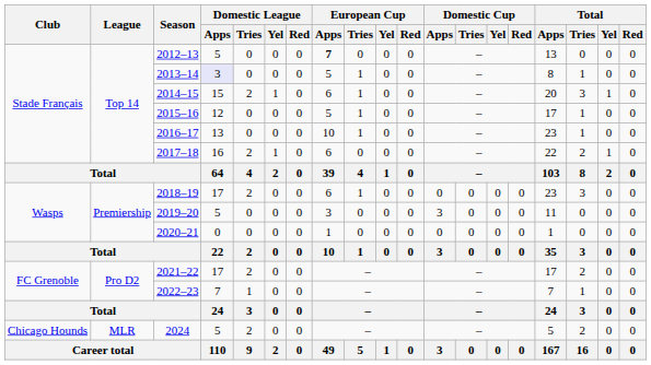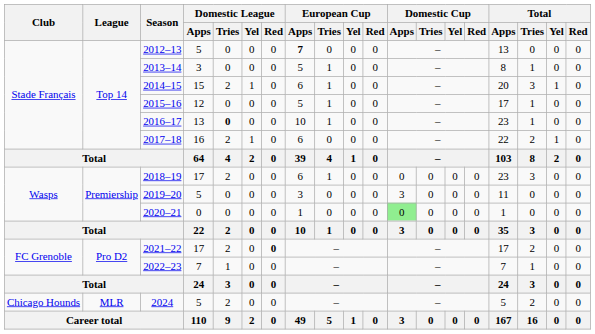 <table class="wikitable" style="font-size:95%; text-align:center">
 <tr>
 <th rowspan="2">Club</th>
 <th rowspan="2">League</th>
 <th rowspan="2">Season</th>
 <th colspan="4">Domestic League</th>
 <th colspan="4">European Cup</th>
 <th colspan="4">Domestic Cup</th>
 <th colspan="4">Total</th>
 </tr>
 <tr>
 <th>Apps</th>
 <th>Tries</th>
 <th>Yel</th>
 <th>Red</th>
 <th>Apps</th>
 <th>Tries</th>
 <th>Yel</th>
 <th>Red</th>
 <th>Apps</th>
 <th>Tries</th>
 <th>Yel</th>
 <th>Red</th>
 <th>Apps</th>
 <th>Tries</th>
 <th>Yel</th>
 <th>Red</th>
 </tr>
 <tr>
 <td rowspan="6"><a href='#'>Stade Français</a></td>
 <td rowspan="6"><a href='#'>Top 14</a></td>
 <td><a href='#'>2012–13</a></td>
 <td>5</td>
 <td>0</td>
 <td>0</td>
 <td>0</td>
 <td><strong>7</strong></td>
 <td>0</td>
 <td>0</td>
 <td>0</td>
 <td colspan="4">–</td>
 <td>13</td>
 <td>0</td>
 <td>0</td>
 <td>0</td>
 </tr>
 <tr>
 <td><a href='#'>2013–14</a></td>
-<td style="background: lavender;">3</td>
+<td>3</td>
 <td>0</td>
 <td>0</td>
 <td>0</td>
 <td>5</td>
 <td>1</td>
 <td>0</td>
 <td>0</td>
 <td colspan="4">–</td>
 <td>8</td>
 <td>1</td>
 <td>0</td>
 <td>0</td>
 </tr>
 <tr>
 <td><a href='#'>2014–15</a></td>
 <td>15</td>
 <td>2</td>
 <td>1</td>
 <td>0</td>
 <td>6</td>
 <td>1</td>
 <td>0</td>
 <td>0</td>
 <td colspan="4">–</td>
 <td>20</td>
 <td>3</td>
 <td>1</td>
 <td>0</td>
 </tr>
 <tr>
 <td><a href='#'>2015–16</a></td>
 <td>12</td>
 <td>0</td>
 <td>0</td>
 <td>0</td>
 <td>5</td>
 <td>1</td>
 <td>0</td>
 <td>0</td>
 <td colspan="4">–</td>
 <td>17</td>
 <td>1</td>
 <td>0</td>
 <td>0</td>
 </tr>
 <tr>
 <td><a href='#'>2016–17</a></td>
 <td>13</td>
-<td>0</td>
+<td><strong>0</strong></td>
 <td>0</td>
 <td>0</td>
 <td>10</td>
 <td>1</td>
 <td>0</td>
 <td>0</td>
 <td colspan="4">–</td>
 <td>23</td>
 <td>1</td>
 <td>0</td>
 <td>0</td>
 </tr>
 <tr>
 <td><a href='#'>2017–18</a></td>
 <td>16</td>
 <td>2</td>
 <td>1</td>
 <td>0</td>
 <td>6</td>
 <td>0</td>
 <td>0</td>
 <td>0</td>
 <td colspan="4">–</td>
 <td>22</td>
 <td>2</td>
 <td>1</td>
 <td>0</td>
 </tr>
 <tr>
 <th colspan="3">Total</th>
 <th>64</th>
 <th>4</th>
 <th>2</th>
 <th>0</th>
 <th>39</th>
 <th>4</th>
 <th>1</th>
 <th>0</th>
 <th colspan="4">–</th>
 <th>103</th>
 <th>8</th>
 <th>2</th>
 <th>0</th>
 </tr>
 <tr>
 <td rowspan="3"><a href='#'>Wasps</a></td>
 <td rowspan="3"><a href='#'>Premiership</a></td>
 <td><a href='#'>2018–19</a></td>
 <td>17</td>
 <td>2</td>
 <td>0</td>
 <td>0</td>
 <td>6</td>
 <td>1</td>
 <td>0</td>
 <td>0</td>
 <td>0</td>
 <td>0</td>
 <td>0</td>
 <td>0</td>
 <td>23</td>
 <td>3</td>
 <td>0</td>
 <td>0</td>
 </tr>
 <tr>
 <td><a href='#'>2019–20</a></td>
 <td>5</td>
 <td>0</td>
 <td>0</td>
 <td>0</td>
 <td>3</td>
 <td>0</td>
 <td>0</td>
 <td>0</td>
 <td>3</td>
 <td>0</td>
 <td>0</td>
 <td>0</td>
 <td>11</td>
 <td>0</td>
 <td>0</td>
 <td>0</td>
 </tr>
 <tr>
 <td><a href='#'>2020–21</a></td>
 <td>0</td>
 <td>0</td>
 <td>0</td>
 <td>0</td>
 <td>1</td>
 <td>0</td>
 <td>0</td>
 <td>0</td>
-<td>0</td>
+<td style="background: lightgreen;">0</td>
 <td>0</td>
 <td>0</td>
 <td>0</td>
 <td>1</td>
 <td>0</td>
 <td>0</td>
 <td>0</td>
 </tr>
 <tr>
 <th colspan="3">Total</th>
 <th>22</th>
 <th>2</th>
 <th>0</th>
 <th>0</th>
 <th>10</th>
 <th>1</th>
 <th>0</th>
 <th>0</th>
 <th>3</th>
 <th>0</th>
 <th>0</th>
 <th>0</th>
 <th>35</th>
 <th>3</th>
 <th>0</th>
 <th>0</th>
 </tr>
 <tr>
 <td rowspan="2"><a href='#'>FC Grenoble</a></td>
 <td rowspan="2"><a href='#'>Pro D2</a></td>
 <td><a href='#'>2021–22</a></td>
 <td>17</td>
 <td>2</td>
 <td>0</td>
-<td>0</td>
+<td><strong>0</strong></td>
 <td colspan="4">–</td>
 <td colspan="4">–</td>
 <td>17</td>
 <td>2</td>
 <td>0</td>
 <td>0</td>
 </tr>
 <tr>
 <td><a href='#'>2022–23</a></td>
 <td>7</td>
 <td>1</td>
 <td>0</td>
 <td>0</td>
 <td colspan="4">–</td>
 <td colspan="4">–</td>
 <td>7</td>
 <td>1</td>
 <td>0</td>
 <td>0</td>
 </tr>
 <tr>
 <th colspan="3">Total</th>
 <th>24</th>
 <th>3</th>
 <th>0</th>
 <th>0</th>
 <th colspan="4">–</th>
 <th colspan="4">–</th>
 <th>24</th>
 <th>3</th>
 <th>0</th>
 <th>0</th>
 </tr>
 <tr>
 <td><a href='#'>Chicago Hounds</a></td>
 <td><a href='#'>MLR</a></td>
 <td><a href='#'>2024</a></td>
 <td>5</td>
 <td>2</td>
 <td>0</td>
 <td>0</td>
 <td colspan="4">–</td>
 <td colspan="4">–</td>
 <td>5</td>
 <td>2</td>
 <td>0</td>
 <td>0</td>
 </tr>
 <tr>
 <th colspan="3">Career total</th>
 <th>110</th>
 <th>9</th>
 <th>2</th>
 <th>0</th>
 <th>49</th>
 <th>5</th>
 <th>1</th>
 <th>0</th>
 <th>3</th>
 <th>0</th>
 <th>0</th>
 <th>0</th>
 <th>167</th>
 <th>16</th>
 <th>0</th>
 <th>0</th>
 </tr>
 </table>
